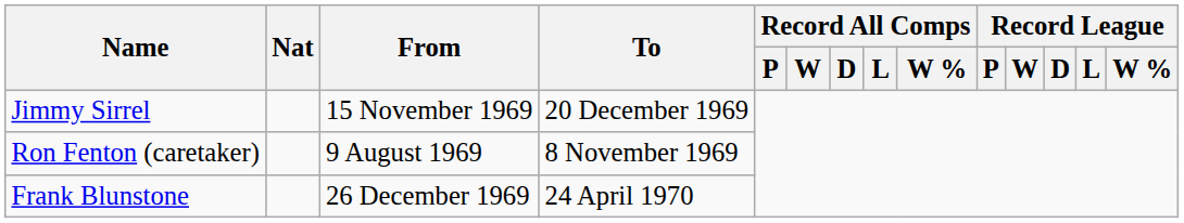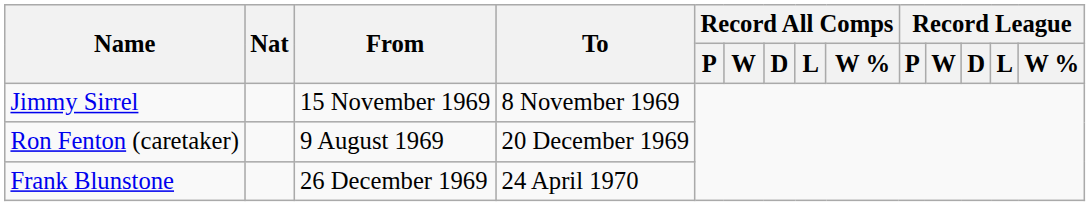 <table style="text-align: center" class="wikitable">
 <tr>
 <th rowspan="2">Name</th>
 <th rowspan="2">Nat</th>
 <th rowspan="2">From</th>
 <th rowspan="2">To</th>
 <th colspan="5">Record All Comps</th>
 <th colspan="5">Record League</th>
 </tr>
 <tr>
 <th>P</th>
 <th>W</th>
 <th>D</th>
 <th>L</th>
 <th>W %</th>
 <th>P</th>
 <th>W</th>
 <th>D</th>
 <th>L</th>
 <th>W %</th>
 </tr>
 <tr>
 <td style="text-align:left;"><a href='#'>Jimmy Sirrel</a></td>
 <td></td>
 <td style="text-align:left;">15 November 1969</td>
-<td style="text-align:left;">20 December 1969<br> </td>
+<td style="text-align:left;">8 November 1969<br> </td>
 </tr>
 <tr>
 <td style="text-align:left;"><a href='#'>Ron Fenton</a> (caretaker)</td>
 <td></td>
 <td style="text-align:left;">9 August 1969</td>
-<td style="text-align:left;">8 November 1969<br> </td>
+<td style="text-align:left;">20 December 1969<br> </td>
 </tr>
 <tr>
 <td style="text-align:left;"><a href='#'>Frank Blunstone</a></td>
 <td></td>
 <td style="text-align:left;">26 December 1969</td>
 <td style="text-align:left;">24 April 1970<br> </td>
 </tr>
 </table>
